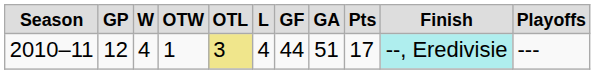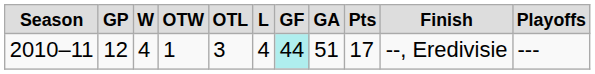 <table class="wikitable">
 <tr align="center" style="font-size: small; font-weight:bold; background-color:#dddddd; padding:5px;" |>
 <td>Season</td>
 <td>GP</td>
 <td>W</td>
 <td>OTW</td>
 <td>OTL</td>
 <td>L</td>
 <td>GF</td>
 <td>GA</td>
 <td>Pts</td>
 <td>Finish</td>
 <td>Playoffs</td>
 </tr>
 <tr>
 <td>2010–11</td>
 <td>12</td>
 <td>4</td>
 <td>1</td>
-<td style="background: khaki;">3</td>
+<td>3</td>
 <td>4</td>
-<td>44</td>
+<td style="background: paleturquoise;">44</td>
 <td>51</td>
 <td>17</td>
-<td style="background: paleturquoise;">--, Eredivisie</td>
+<td>--, Eredivisie</td>
 <td>---</td>
 </tr>
 </table>
